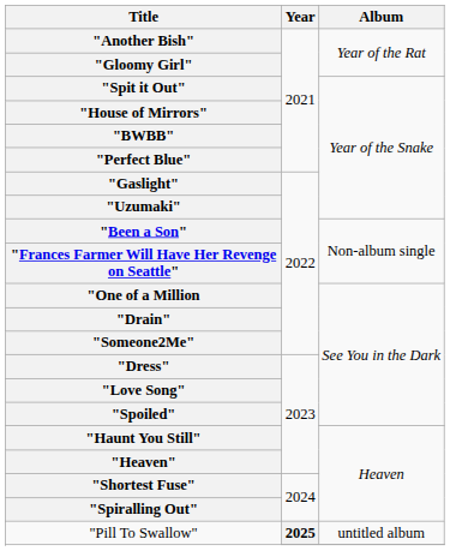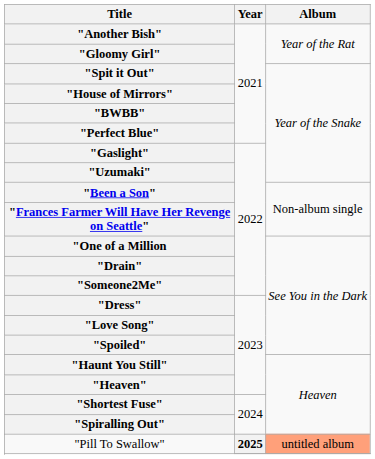 <table class="wikitable plainrowheaders" style="text-align:center;">
 <tr>
 <th scope="col" style="width:18em;">Title</th>
 <th scope="col">Year</th>
 <th scope="col">Album</th>
 </tr>
 <tr>
 <th scope="row">"Another Bish"</th>
 <td rowspan="6">2021</td>
 <td rowspan="2"><em>Year of the Rat</em></td>
 </tr>
 <tr>
 <th scope="row">"Gloomy Girl"</th>
 </tr>
 <tr>
 <th scope="row">"Spit it Out"</th>
 <td rowspan="6"><em>Year of the Snake</em></td>
 </tr>
 <tr>
 <th scope="row">"House of Mirrors"</th>
 </tr>
 <tr>
 <th scope="row">"BWBB"</th>
 </tr>
 <tr>
 <th scope="row">"Perfect Blue"</th>
 </tr>
 <tr>
 <th scope="row">"Gaslight"</th>
 <td rowspan="7">2022</td>
 </tr>
 <tr>
 <th scope="row">"Uzumaki"</th>
 </tr>
 <tr>
 <th scope="row">"<a href='#'>Been a Son</a>"</th>
 <td rowspan="2">Non-album single</td>
 </tr>
 <tr>
 <th scope="row">"<a href='#'>Frances Farmer Will Have Her Revenge on Seattle</a>"</th>
 </tr>
 <tr>
 <th scope="row">"One of a Million</th>
 <td rowspan="6"><em>See You in the Dark</em></td>
 </tr>
 <tr>
 <th scope="row">"Drain"</th>
 </tr>
 <tr>
 <th scope="row">"Someone2Me"</th>
 </tr>
 <tr>
 <th scope="row">"Dress"</th>
 <td rowspan="5">2023</td>
 </tr>
 <tr>
 <th scope="row">"Love Song"</th>
 </tr>
 <tr>
 <th scope="row">"Spoiled"</th>
 </tr>
 <tr>
 <th scope="row">"Haunt You Still"</th>
 <td rowspan="5"><em>Heaven</em></td>
 </tr>
 <tr>
 <th scope="row">"Heaven"</th>
 </tr>
 <tr>
 <th scope="row">"Shortest Fuse"</th>
 <td rowspan="3">2024</td>
 </tr>
 <tr>
 <th scope="row">"Spiralling Out"</th>
 </tr>
 <tr>
 <td rowspan="5">"Pill To Swallow"</td>
 </tr>
 <tr>
 <th scope="row">2025</th>
-<td>untitled album</td>
+<td style="background: lightsalmon;">untitled album</td>
 </tr>
 <tr>
 </tr>
 </table>
